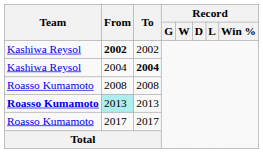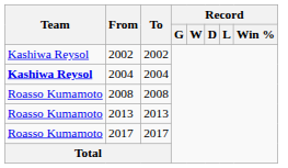 <table class="wikitable" style="text-align: center">
 <tr>
 <th rowspan="2">Team</th>
 <th rowspan="2">From</th>
 <th rowspan="2">To</th>
 <th colspan="5">Record</th>
 </tr>
 <tr>
 <th>G</th>
 <th>W</th>
 <th>D</th>
 <th>L</th>
 <th>Win %</th>
 </tr>
 <tr>
 <td align="left"><a href='#'>Kashiwa Reysol</a></td>
-<td align="left"><strong>2002</strong></td>
+<td align="left">2002</td>
 <td align="left">2002<br></td>
 </tr>
 <tr>
-<td align="left"><a href='#'>Kashiwa Reysol</a></td>
+<td align="left"><strong><a href='#'>Kashiwa Reysol</a></strong></td>
 <td align="left">2004</td>
-<td align="left"><strong>2004<br></strong></td>
+<td align="left">2004<br></td>
 </tr>
 <tr>
 <td align="left"><a href='#'>Roasso Kumamoto</a></td>
 <td align="left">2008</td>
 <td align="left">2008<br></td>
 </tr>
 <tr>
-<td align="left"><strong><a href='#'>Roasso Kumamoto</a></strong></td>
-<td align="left" style="background: paleturquoise;">2013</td>
+<td align="left"><a href='#'>Roasso Kumamoto</a></td>
+<td align="left">2013</td>
 <td align="left">2013<br></td>
 </tr>
 <tr>
 <td align="left"><a href='#'>Roasso Kumamoto</a></td>
 <td align="left">2017</td>
 <td align="left">2017<br></td>
 </tr>
 <tr>
 <th colspan="3">Total<br></th>
 </tr>
 </table>
